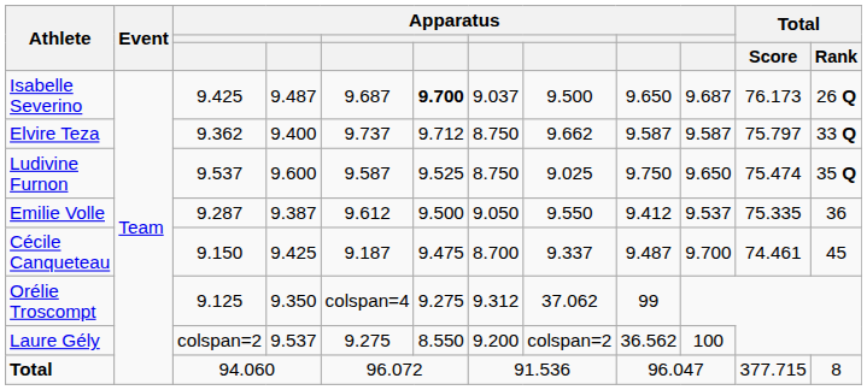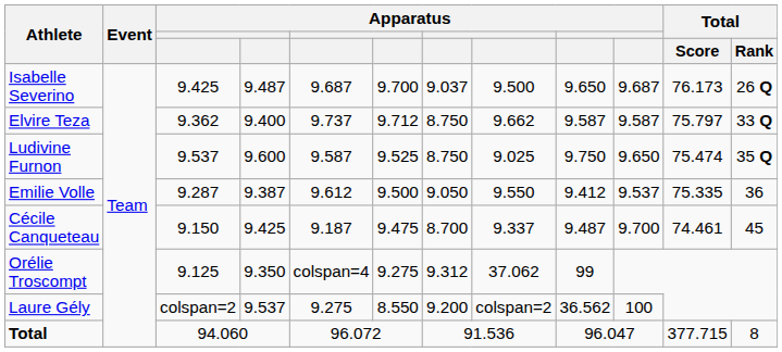 <table class=wikitable style=font-size:90%;text-align:center>
 <tr>
 <th rowspan=3>Athlete</th>
 <th rowspan=3>Event</th>
 <th colspan=8>Apparatus</th>
 <th colspan=2 rowspan=2>Total</th>
 </tr>
 <tr style=font-size:95%>
 <th colspan=2></th>
 <th colspan=2></th>
 <th colspan=2></th>
 <th colspan=2></th>
 </tr>
 <tr style=font-size:95%>
 <th></th>
 <th></th>
 <th></th>
 <th></th>
 <th></th>
 <th></th>
 <th></th>
 <th></th>
 <th>Score</th>
 <th>Rank</th>
 </tr>
 <tr>
 <td align=left><a href='#'>Isabelle Severino</a></td>
 <td align=left rowspan=8><a href='#'>Team</a></td>
 <td>9.425</td>
 <td>9.487</td>
 <td>9.687</td>
-<td><strong>9.700</strong></td>
+<td>9.700</td>
 <td>9.037</td>
 <td>9.500</td>
 <td>9.650</td>
 <td>9.687</td>
 <td>76.173</td>
 <td>26 <strong>Q</strong></td>
 </tr>
 <tr>
 <td align=left><a href='#'>Elvire Teza</a></td>
 <td>9.362</td>
 <td>9.400</td>
 <td>9.737</td>
 <td>9.712</td>
 <td>8.750</td>
 <td>9.662</td>
 <td>9.587</td>
 <td>9.587</td>
 <td>75.797</td>
 <td>33 <strong>Q</strong></td>
 </tr>
 <tr>
 <td align=left><a href='#'>Ludivine Furnon</a></td>
 <td>9.537</td>
 <td>9.600</td>
 <td>9.587</td>
 <td>9.525</td>
 <td>8.750</td>
 <td>9.025</td>
 <td>9.750</td>
 <td>9.650</td>
 <td>75.474</td>
 <td>35 <strong>Q</strong></td>
 </tr>
 <tr>
 <td align=left><a href='#'>Emilie Volle</a></td>
 <td>9.287</td>
 <td>9.387</td>
 <td>9.612</td>
 <td>9.500</td>
 <td>9.050</td>
 <td>9.550</td>
 <td>9.412</td>
 <td>9.537</td>
 <td>75.335</td>
 <td>36</td>
 </tr>
 <tr>
 <td align=left><a href='#'>Cécile Canqueteau</a></td>
 <td>9.150</td>
 <td>9.425</td>
 <td>9.187</td>
 <td>9.475</td>
 <td>8.700</td>
 <td>9.337</td>
 <td>9.487</td>
 <td>9.700</td>
 <td>74.461</td>
 <td>45</td>
 </tr>
 <tr>
 <td align=left><a href='#'>Orélie Troscompt</a></td>
 <td>9.125</td>
 <td>9.350</td>
 <td>colspan=4 </td>
 <td>9.275</td>
 <td>9.312</td>
 <td>37.062</td>
 <td>99</td>
 </tr>
 <tr>
 <td align=left><a href='#'>Laure Gély</a></td>
 <td>colspan=2 </td>
 <td>9.537</td>
 <td>9.275</td>
 <td>8.550</td>
 <td>9.200</td>
 <td>colspan=2 </td>
 <td>36.562</td>
 <td>100</td>
 </tr>
 <tr>
 <td align=left><strong>Total</strong></td>
 <td colspan=2>94.060</td>
 <td colspan=2>96.072</td>
 <td colspan=2>91.536</td>
 <td colspan=2>96.047</td>
 <td>377.715</td>
 <td>8</td>
 </tr>
 </table>
